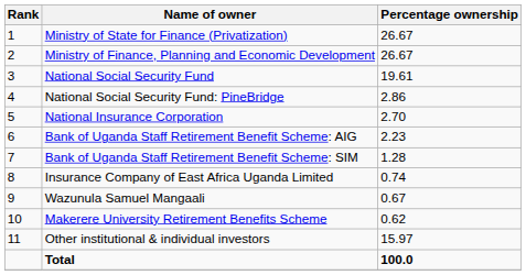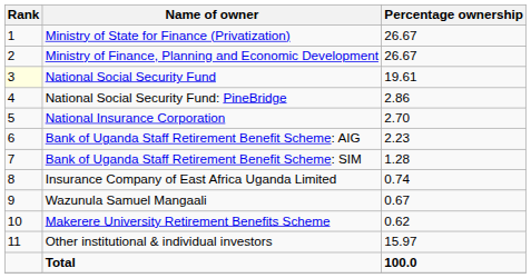 <table class="wikitable sortable" style="margin-left:auto;margin-right:auto">
 <tr>
 <th style="width:2em;">Rank</th>
 <th>Name of owner</th>
 <th>Percentage ownership</th>
 </tr>
 <tr>
 <td>1</td>
 <td><a href='#'>Ministry of State for Finance (Privatization)</a></td>
 <td>26.67</td>
 </tr>
 <tr>
 <td>2</td>
 <td><a href='#'>Ministry of Finance, Planning and Economic Development</a></td>
 <td>26.67</td>
 </tr>
 <tr>
-<td>3</td>
+<td style="background: lightyellow;">3</td>
 <td><a href='#'>National Social Security Fund</a></td>
 <td>19.61</td>
 </tr>
 <tr>
 <td>4</td>
 <td>National Social Security Fund: <a href='#'>PineBridge</a></td>
 <td>2.86</td>
 </tr>
 <tr>
 <td>5</td>
 <td><a href='#'>National Insurance Corporation</a></td>
 <td>2.70</td>
 </tr>
 <tr>
 <td>6</td>
 <td><a href='#'>Bank of Uganda Staff Retirement Benefit Scheme</a>: AIG</td>
 <td>2.23</td>
 </tr>
 <tr>
 <td>7</td>
 <td><a href='#'>Bank of Uganda Staff Retirement Benefit Scheme</a>: SIM</td>
 <td>1.28</td>
 </tr>
 <tr>
 <td>8</td>
 <td>Insurance Company of East Africa Uganda Limited</td>
 <td>0.74</td>
 </tr>
 <tr>
 <td>9</td>
 <td>Wazunula Samuel Mangaali</td>
 <td>0.67</td>
 </tr>
 <tr>
 <td>10</td>
 <td><a href='#'>Makerere University Retirement Benefits Scheme</a></td>
 <td>0.62</td>
 </tr>
 <tr>
 <td>11</td>
 <td>Other institutional & individual investors</td>
 <td>15.97</td>
 </tr>
 <tr>
 <td></td>
 <td><strong>Total</strong></td>
 <td><strong>100.0</strong></td>
 </tr>
 <tr>
 </tr>
 </table>
